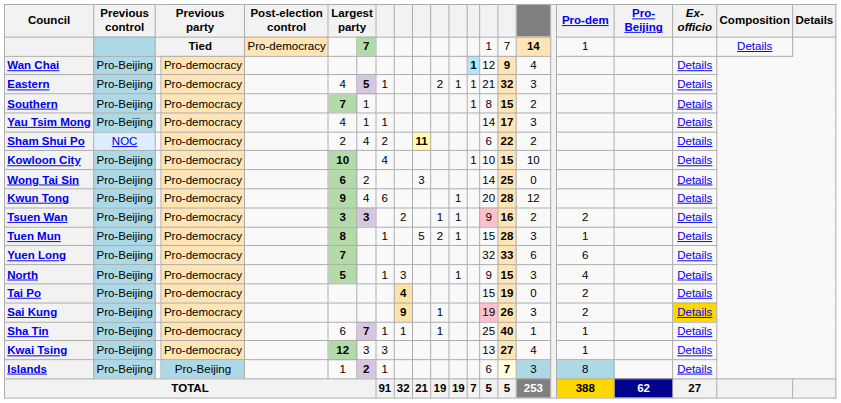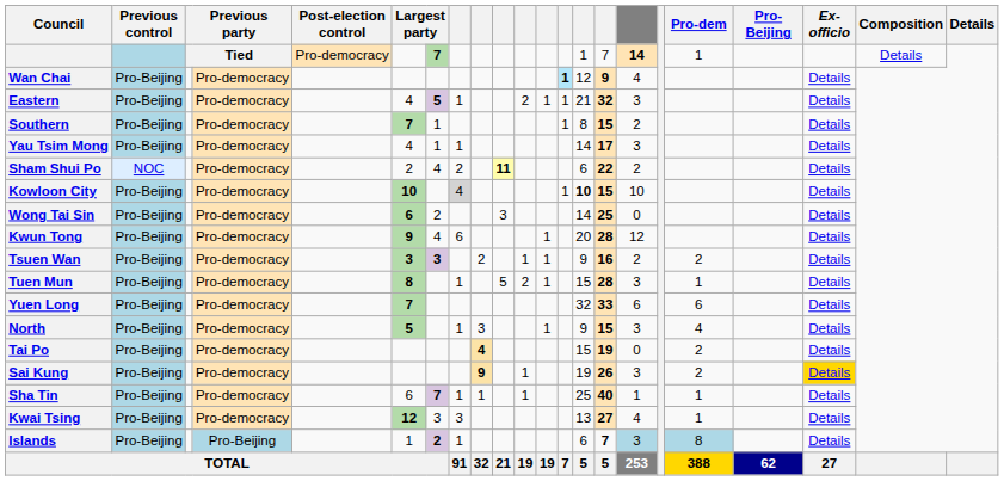 <table class="wikitable" style="text-align:center;font-size:75%">
 <tr>
 <th>Council</th>
 <th>Previous<br>control</th>
 <th colspan=2>Previous<br>party</th>
 <th>Post-election<br>control</th>
 <th colspan=2>Largest<br>party</th>
 <th class="unsortable" style="background:"><a href='#'></a></th>
 <th class="unsortable" style="background:"><a href='#'></a></th>
 <th class="unsortable" style="background:"><a href='#'></a></th>
 <th class="unsortable" style="background:"><a href='#'></a></th>
 <th class="unsortable" style="background:"><a href='#'></a></th>
 <th class="unsortable" style="background:"><a href='#'></a></th>
 <th class="unsortable" style="background:"><a href='#'></a></th>
 <th class="unsortable" style="background:"><a href='#'></a></th>
 <th class="unsortable" style="background:gray; width:30px;"><a href='#'></a></th>
 <th class="unsortable" rowspan=21></th>
 <th class="unsortable"  style="width:55px;"><a href='#'>Pro-dem</a></th>
 <th class="unsortable" style="width:55px;"><a href='#'>Pro-Beijing</a></th>
 <th class="unsortable" style="width:40px;"><em>Ex-officio</em></th>
 <th class="unsortable">Composition</th>
 <th>Details</th>
 </tr>
 <tr>
 <th scope="row" style="text-align: left;"></th>
 <td style="background-color:LightBlue"></td>
 <th colspan=2>Tied</th>
 <td style="background-color:Moccasin">Pro-democracy</td>
 <td></td>
 <td bgcolor=#b3dba9><strong>7</strong></td>
 <td></td>
 <td></td>
 <td></td>
 <td></td>
 <td></td>
 <td></td>
 <td>1</td>
 <td>7</td>
 <td bgcolor=Moccasin><strong>14</strong></td>
 <td>1</td>
 <td></td>
 <td></td>
 <td><a href='#'>Details</a></td>
 </tr>
 <tr>
 <th scope="row" style="text-align: left;"><a href='#'>Wan Chai</a></th>
 <td style="background-color:LightBlue">Pro-Beijing</td>
 <td></td>
 <td style="background-color:Moccasin">Pro-democracy</td>
 <td></td>
 <td></td>
 <td></td>
 <td></td>
 <td></td>
 <td></td>
 <td></td>
 <td></td>
 <td bgcolor=#b2e6fa><strong>1</strong></td>
 <td>12</td>
 <td bgcolor=Moccasin><strong>9</strong></td>
 <td>4</td>
 <td></td>
 <td></td>
 <td><a href='#'>Details</a></td>
 </tr>
 <tr>
 <th scope="row" style="text-align: left;"><a href='#'>Eastern</a></th>
 <td style="background-color:LightBlue">Pro-Beijing</td>
 <td></td>
 <td style="background-color:Moccasin">Pro-democracy</td>
 <td></td>
 <td>4</td>
 <td bgcolor=#d8c5e0><strong>5</strong></td>
 <td>1</td>
 <td></td>
 <td></td>
 <td>2</td>
 <td>1</td>
 <td>1</td>
 <td>21</td>
 <td bgcolor=Moccasin><strong>32</strong></td>
 <td>3</td>
 <td></td>
 <td></td>
 <td><a href='#'>Details</a></td>
 </tr>
 <tr>
 <th scope="row" style="text-align: left;"><a href='#'>Southern</a></th>
 <td style="background-color:LightBlue">Pro-Beijing</td>
 <td></td>
 <td style="background-color:Moccasin">Pro-democracy</td>
 <td></td>
 <td bgcolor=#b3dba9><strong>7</strong></td>
 <td>1</td>
 <td></td>
 <td></td>
 <td></td>
 <td></td>
 <td></td>
 <td>1</td>
 <td>8</td>
 <td bgcolor=Moccasin><strong>15</strong></td>
 <td>2</td>
 <td></td>
 <td></td>
 <td><a href='#'>Details</a></td>
 </tr>
 <tr>
 <th scope="row" style="text-align: left;"><a href='#'>Yau Tsim Mong</a></th>
 <td style="background-color:LightBlue">Pro-Beijing</td>
 <td></td>
 <td style="background-color:Moccasin">Pro-democracy</td>
 <td></td>
 <td>4</td>
 <td>1</td>
 <td>1</td>
 <td></td>
 <td></td>
 <td></td>
 <td></td>
 <td></td>
 <td>14</td>
 <td bgcolor=Moccasin><strong>17</strong></td>
 <td>3</td>
 <td></td>
 <td></td>
 <td><a href='#'>Details</a></td>
 </tr>
 <tr>
 <th scope="row" style="text-align: left;"><a href='#'>Sham Shui Po</a></th>
 <td style="background-color:#DDEEFF"><a href='#'>NOC</a></td>
 <td></td>
 <td style="background-color:Moccasin">Pro-democracy</td>
 <td></td>
 <td>2</td>
 <td>4</td>
 <td>2</td>
 <td></td>
 <td bgcolor=#fffdac><strong>11</strong></td>
 <td></td>
 <td></td>
 <td></td>
 <td>6</td>
 <td bgcolor=Moccasin><strong>22</strong></td>
 <td>2</td>
 <td></td>
 <td></td>
 <td><a href='#'>Details</a></td>
 </tr>
 <tr>
 <th scope="row" style="text-align: left;"><a href='#'>Kowloon City</a></th>
 <td style="background-color:LightBlue">Pro-Beijing</td>
 <td></td>
 <td style="background-color:Moccasin">Pro-democracy</td>
 <td></td>
 <td bgcolor=#b3dba9><strong>10</strong></td>
 <td></td>
-<td>4</td>
+<td style="background: lightgrey;">4</td>
 <td></td>
 <td></td>
 <td></td>
 <td></td>
 <td>1</td>
-<td>10</td>
+<td><strong>10</strong></td>
 <td bgcolor=Moccasin><strong>15</strong></td>
 <td>10</td>
 <td></td>
 <td></td>
 <td><a href='#'>Details</a></td>
 </tr>
 <tr>
 <th scope="row" style="text-align: left;"><a href='#'>Wong Tai Sin</a></th>
 <td style="background-color:LightBlue">Pro-Beijing</td>
 <td></td>
 <td style="background-color:Moccasin">Pro-democracy</td>
 <td></td>
 <td bgcolor=#b3dba9><strong>6</strong></td>
 <td>2</td>
 <td></td>
 <td></td>
 <td>3</td>
 <td></td>
 <td></td>
 <td></td>
 <td>14</td>
 <td bgcolor=Moccasin><strong>25</strong></td>
 <td>0</td>
 <td></td>
 <td></td>
 <td><a href='#'>Details</a></td>
 </tr>
 <tr>
 <th scope="row" style="text-align: left;"><a href='#'>Kwun Tong</a></th>
 <td style="background-color:LightBlue">Pro-Beijing</td>
 <td></td>
 <td style="background-color:Moccasin">Pro-democracy</td>
 <td></td>
 <td bgcolor=#b3dba9><strong>9</strong></td>
 <td>4</td>
 <td>6</td>
 <td></td>
 <td></td>
 <td></td>
 <td>1</td>
 <td></td>
 <td>20</td>
 <td bgcolor=Moccasin><strong>28</strong></td>
 <td>12</td>
 <td></td>
 <td></td>
 <td><a href='#'>Details</a></td>
 </tr>
 <tr>
 <th scope="row" style="text-align: left;"><a href='#'>Tsuen Wan</a></th>
 <td style="background-color:LightBlue">Pro-Beijing</td>
 <td></td>
 <td style="background-color:Moccasin">Pro-democracy</td>
 <td></td>
 <td bgcolor=#b3dba9><strong>3</strong></td>
 <td bgcolor=#d8c5e0><strong>3</strong></td>
 <td></td>
 <td>2</td>
 <td></td>
 <td>1</td>
 <td>1</td>
 <td></td>
-<td style="background: pink;">9</td>
+<td>9</td>
 <td bgcolor=Moccasin><strong>16</strong></td>
 <td>2</td>
 <td>2</td>
 <td></td>
 <td><a href='#'>Details</a></td>
 </tr>
 <tr>
 <th scope="row" style="text-align: left;"><a href='#'>Tuen Mun</a></th>
 <td style="background-color:LightBlue">Pro-Beijing</td>
 <td></td>
 <td style="background-color:Moccasin">Pro-democracy</td>
 <td></td>
 <td bgcolor=#b3dba9><strong>8</strong></td>
 <td></td>
 <td>1</td>
 <td></td>
 <td>5</td>
 <td>2</td>
 <td>1</td>
 <td></td>
 <td>15</td>
 <td bgcolor=Moccasin><strong>28</strong></td>
 <td>3</td>
 <td>1</td>
 <td></td>
 <td><a href='#'>Details</a></td>
 </tr>
 <tr>
 <th scope="row" style="text-align: left;"><a href='#'>Yuen Long</a></th>
 <td style="background-color:LightBlue">Pro-Beijing</td>
 <td></td>
 <td style="background-color:Moccasin">Pro-democracy</td>
 <td></td>
 <td bgcolor=#b3dba9><strong>7</strong></td>
 <td></td>
 <td></td>
 <td></td>
 <td></td>
 <td></td>
 <td></td>
 <td></td>
 <td>32</td>
 <td bgcolor=Moccasin><strong>33</strong></td>
 <td>6</td>
 <td>6</td>
 <td></td>
 <td><a href='#'>Details</a></td>
 </tr>
 <tr>
 <th scope="row" style="text-align: left;"><a href='#'>North</a></th>
 <td style="background-color:LightBlue">Pro-Beijing</td>
 <td></td>
 <td style="background-color:Moccasin">Pro-democracy</td>
 <td></td>
 <td bgcolor=#b3dba9><strong>5</strong></td>
 <td></td>
 <td>1</td>
 <td>3</td>
 <td></td>
 <td></td>
 <td>1</td>
 <td></td>
 <td>9</td>
 <td bgcolor=Moccasin><strong>15</strong></td>
 <td>3</td>
 <td>4</td>
 <td></td>
 <td><a href='#'>Details</a></td>
 </tr>
 <tr>
 <th scope="row" style="text-align: left;"><a href='#'>Tai Po</a></th>
 <td style="background-color:LightBlue">Pro-Beijing</td>
 <td></td>
 <td style="background-color:Moccasin">Pro-democracy</td>
 <td></td>
 <td></td>
 <td></td>
 <td></td>
 <td bgcolor=#fce3a7><strong>4</strong></td>
 <td></td>
 <td></td>
 <td></td>
 <td></td>
 <td>15</td>
 <td bgcolor=Moccasin><strong>19</strong></td>
 <td>0</td>
 <td>2</td>
 <td></td>
 <td><a href='#'>Details</a></td>
 </tr>
 <tr>
 <th scope="row" style="text-align: left;"><a href='#'>Sai Kung</a></th>
 <td style="background-color:LightBlue">Pro-Beijing</td>
 <td></td>
 <td style="background-color:Moccasin">Pro-democracy</td>
 <td></td>
 <td></td>
 <td></td>
 <td></td>
 <td bgcolor=#fce3a7><strong>9</strong></td>
 <td></td>
 <td>1</td>
 <td></td>
 <td></td>
-<td style="background: pink;">19</td>
+<td>19</td>
 <td bgcolor=Moccasin><strong>26</strong></td>
 <td>3</td>
 <td>2</td>
 <td></td>
 <td style="background: gold;"><a href='#'>Details</a></td>
 </tr>
 <tr>
 <th scope="row" style="text-align: left;"><a href='#'>Sha Tin</a></th>
 <td style="background-color:LightBlue">Pro-Beijing</td>
 <td></td>
 <td style="background-color:Moccasin">Pro-democracy</td>
 <td></td>
 <td>6</td>
 <td bgcolor=#d8c5e0><strong>7</strong></td>
 <td>1</td>
 <td>1</td>
 <td></td>
 <td>1</td>
 <td></td>
 <td></td>
 <td>25</td>
 <td bgcolor=Moccasin><strong>40</strong></td>
 <td>1</td>
 <td>1</td>
 <td></td>
 <td><a href='#'>Details</a></td>
 </tr>
 <tr>
 <th scope="row" style="text-align: left;"><a href='#'>Kwai Tsing</a></th>
 <td style="background-color:LightBlue">Pro-Beijing</td>
 <td></td>
 <td style="background-color:Moccasin">Pro-democracy</td>
 <td></td>
 <td bgcolor=#b3dba9><strong>12</strong></td>
 <td>3</td>
 <td>3</td>
 <td></td>
 <td></td>
 <td></td>
 <td></td>
 <td></td>
 <td>13</td>
 <td bgcolor=Moccasin><strong>27</strong></td>
 <td>4</td>
 <td>1</td>
 <td></td>
 <td><a href='#'>Details</a></td>
 </tr>
 <tr>
 <th scope="row" style="text-align: left;"><a href='#'>Islands</a></th>
 <td style="background-color:LightBlue">Pro-Beijing</td>
 <td></td>
 <td style="background-color:LightBlue">Pro-Beijing</td>
 <td></td>
 <td>1</td>
 <td bgcolor=#d8c5e0><strong>2</strong></td>
 <td>1</td>
 <td></td>
 <td></td>
 <td></td>
 <td></td>
 <td></td>
 <td>6</td>
-<td style="background: lightyellow;"><strong>7</strong></td>
+<td><strong>7</strong></td>
 <td bgcolor=LightBlue>3</td>
 <td bgcolor=LightBlue>8</td>
 <td></td>
 <td><a href='#'>Details</a></td>
 </tr>
 <tr>
 <th colspan=7 align=right>TOTAL</th>
 <th style="background:">91</th>
 <th class="unsortable" style="background:">32</th>
 <th class="unsortable" style="background:">21</th>
 <th class="unsortable" style="background:">19</th>
 <th class="unsortable" style="background:">19</th>
 <th class="unsortable" style="background:">7</th>
 <th class="unsortable" style="background:">5</th>
 <th class="unsortable" style="background:">5</th>
 <th class="unsortable" style="background:gray; width:30px;color:White;">253</th>
 <th style="background:gold; width:30px;color:Black;">388</th>
 <th style="background:darkblue; width:30px;color:White;">62</th>
 <th>27</th>
 <th></th>
 <th></th>
 </tr>
 </table>
